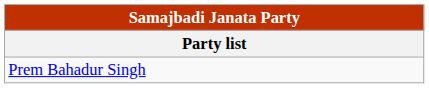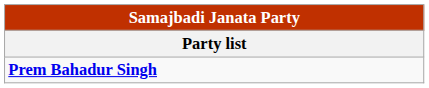 <table class="wikitable mw-collapsible mw-collapsed" role="presentation">
 <tr>
 <th style="width: 300pt; background:#C03000; color: white;">Samajbadi Janata Party</th>
 </tr>
 <tr>
 <th>Party list</th>
 </tr>
 <tr>
-<td><a href='#'>Prem Bahadur Singh</a></td>
+<td><strong><a href='#'>Prem Bahadur Singh</a></strong></td>
 </tr>
 </table>
